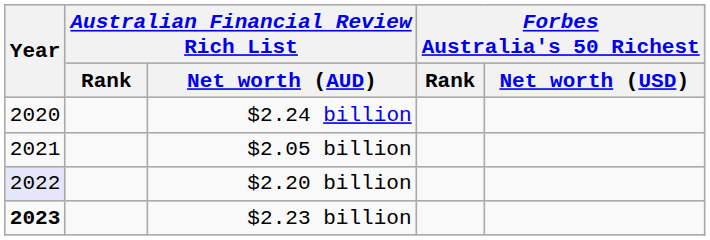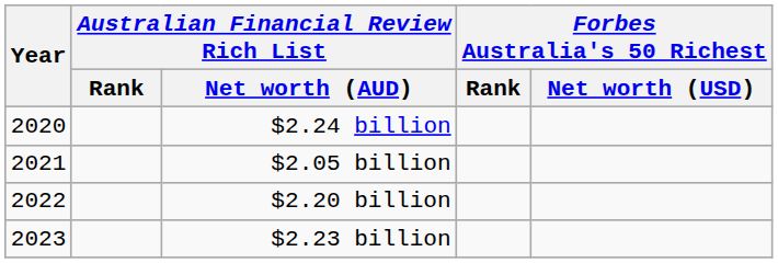 <table class="wikitable">
 <tr>
 <th rowspan=2>Year</th>
 <th colspan=2><em><a href='#'>Australian Financial Review</a></em><br><a href='#'>Rich List</a></th>
 <th colspan=2><em><a href='#'>Forbes</a></em><br><a href='#'>Australia's 50 Richest</a></th>
 </tr>
 <tr>
 <th>Rank</th>
 <th><a href='#'>Net worth</a> (<a href='#'>AUD</a>)</th>
 <th>Rank</th>
 <th><a href='#'>Net worth</a> (<a href='#'>USD</a>)</th>
 </tr>
 <tr>
 <td>2020</td>
 <td align="center"></td>
 <td align="right">$2.24 <a href='#'>billion</a> </td>
 <td align="center"></td>
 <td align="right"></td>
 </tr>
 <tr>
 <td>2021</td>
 <td align="center"></td>
 <td align="right">$2.05 billion </td>
 <td align="center"></td>
 <td align="right"></td>
 </tr>
 <tr>
-<td style="background: lavender;">2022</td>
+<td>2022</td>
 <td align="center"></td>
 <td align="right">$2.20 billion </td>
 <td align="center"></td>
 <td align="right"></td>
 </tr>
 <tr>
-<td><strong>2023</strong></td>
+<td>2023</td>
 <td align="center"></td>
 <td align="right">$2.23 billion </td>
 <td align="center"></td>
 <td align="right"></td>
 </tr>
 </table>
